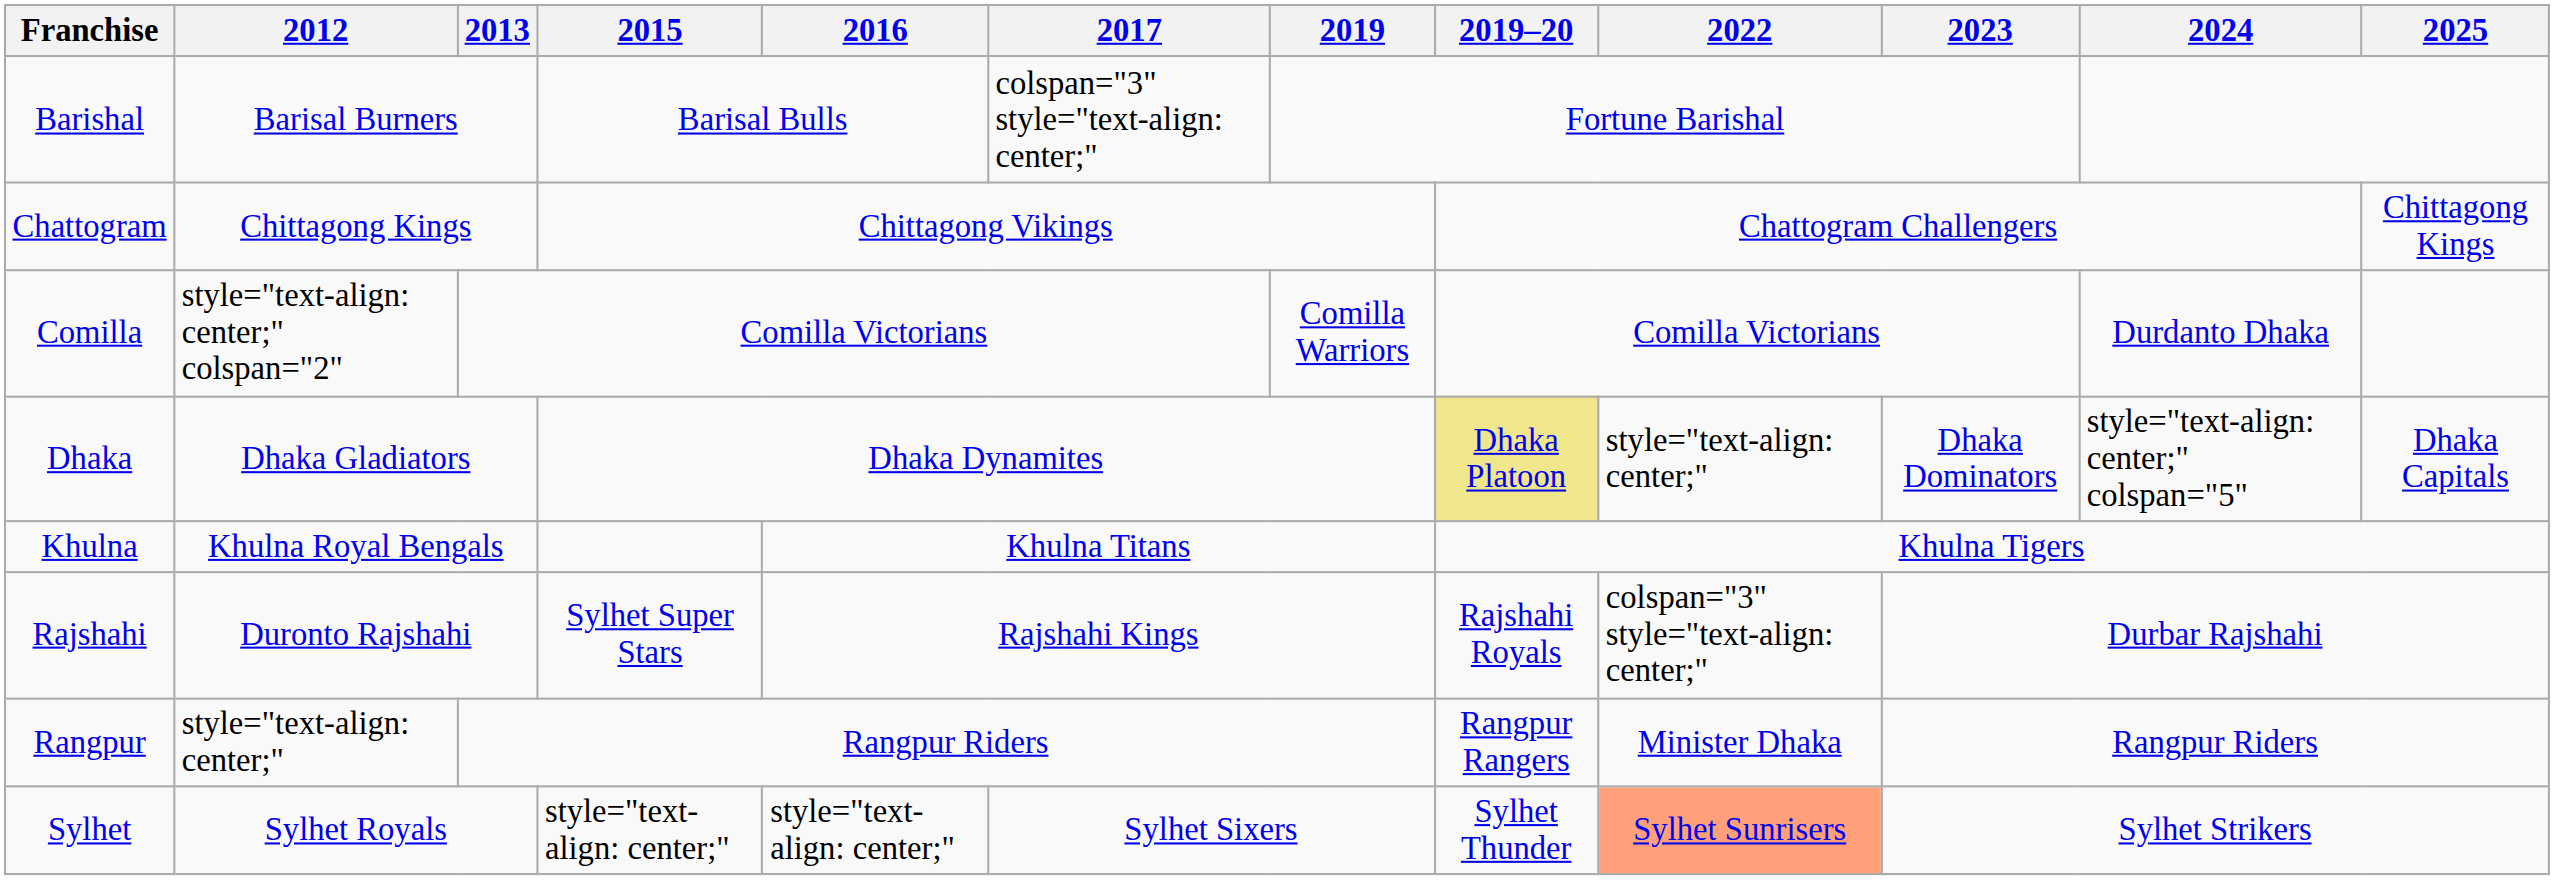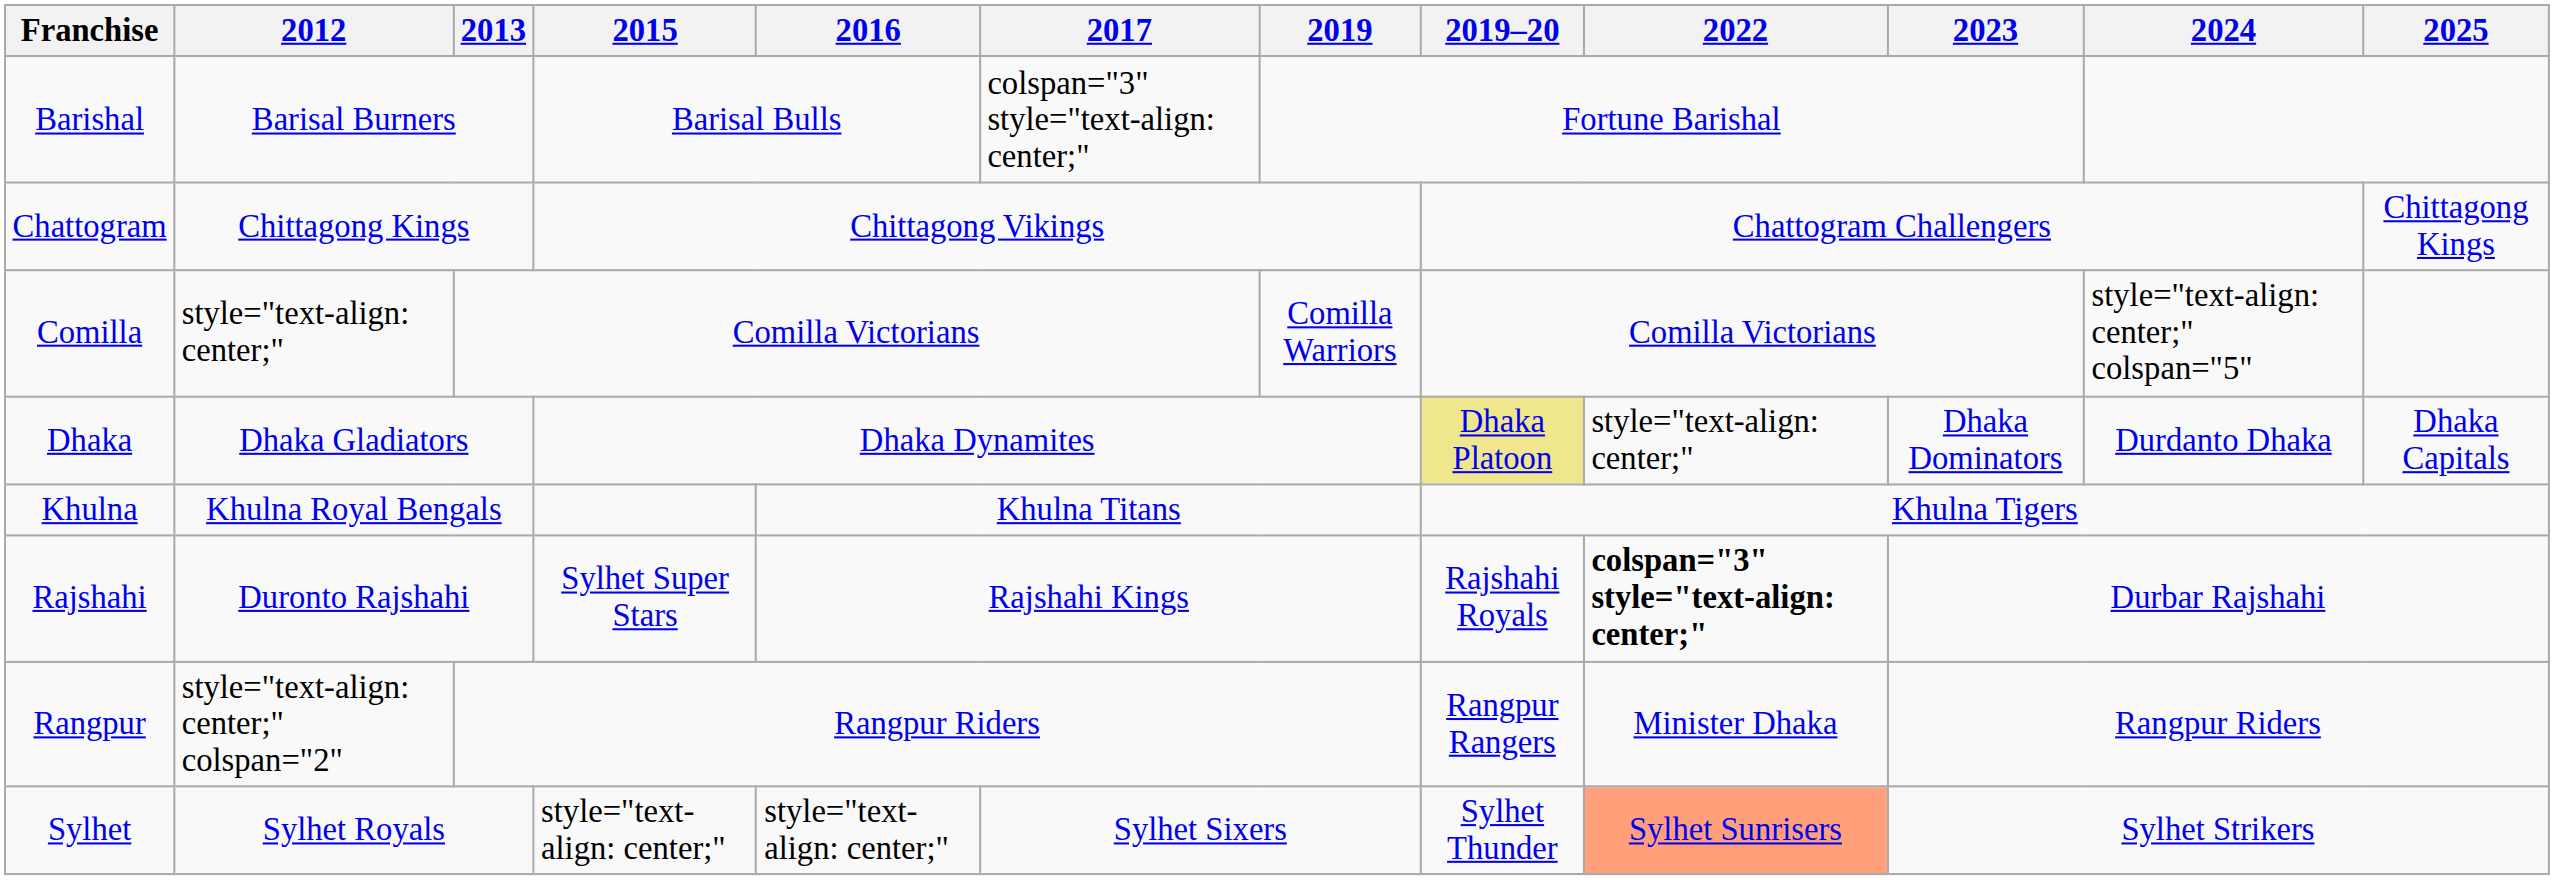 <table class="wikitable">
 <tr>
 <th>Franchise</th>
 <th><a href='#'>2012</a></th>
 <th><a href='#'>2013</a></th>
 <th><a href='#'>2015</a></th>
 <th><a href='#'>2016</a></th>
 <th><a href='#'>2017</a></th>
 <th><a href='#'>2019</a></th>
 <th><a href='#'>2019–20</a></th>
 <th><a href='#'>2022</a></th>
 <th><a href='#'>2023</a></th>
 <th><a href='#'>2024</a></th>
 <th><a href='#'>2025</a></th>
 </tr>
 <tr>
 <td style="text-align: center;"><a href='#'>Barishal</a></td>
 <td colspan="2" style="text-align: center;"><a href='#'>Barisal Burners</a></td>
 <td colspan="2" style="text-align: center;"><a href='#'>Barisal Bulls</a></td>
 <td>colspan="3" style="text-align: center;" </td>
 <td colspan="4" style="text-align: center;"><a href='#'>Fortune Barishal</a></td>
 </tr>
 <tr>
 <td style="text-align: center;"><a href='#'>Chattogram</a></td>
 <td colspan="2" style="text-align: center;"><a href='#'>Chittagong Kings</a></td>
 <td colspan="4" style="text-align: center;"><a href='#'>Chittagong Vikings</a></td>
 <td colspan="4" style="text-align: center;"><a href='#'>Chattogram Challengers</a></td>
 <td colspan="5" style="text-align: center;"><a href='#'>Chittagong Kings</a></td>
 </tr>
 <tr>
 <td style="text-align: center;"><a href='#'>Comilla</a></td>
-<td>style="text-align: center;" colspan="2" </td>
+<td>style="text-align: center;" </td>
 <td colspan="4" style="text-align: center;"><a href='#'>Comilla Victorians</a></td>
 <td style="text-align: center;"><a href='#'>Comilla Warriors</a></td>
 <td colspan="3" style="text-align: center;"><a href='#'>Comilla Victorians</a></td>
-<td style="text-align: center;"><a href='#'>Durdanto Dhaka</a></td>
+<td>style="text-align: center;" colspan="5" </td>
 </tr>
 <tr>
 <td style="text-align: center;"><a href='#'>Dhaka</a></td>
 <td colspan="2" style="text-align: center;"><a href='#'>Dhaka Gladiators</a></td>
 <td colspan="4" style="text-align: center;"><a href='#'>Dhaka Dynamites</a></td>
 <td style="background: khaki; text-align: center;"><a href='#'>Dhaka Platoon</a></td>
 <td>style="text-align: center;" </td>
 <td style="text-align: center;"><a href='#'>Dhaka Dominators</a></td>
-<td>style="text-align: center;" colspan="5" </td>
+<td style="text-align: center;"><a href='#'>Durdanto Dhaka</a></td>
 <td style="text-align: center;"><a href='#'>Dhaka Capitals</a></td>
 </tr>
 <tr>
 <td style="text-align: center;"><a href='#'>Khulna</a></td>
 <td colspan="2" style="text-align: center;"><a href='#'>Khulna Royal Bengals</a></td>
 <td></td>
 <td colspan="3" style="text-align: center;"><a href='#'>Khulna Titans</a></td>
 <td colspan="5" style="text-align: center;"><a href='#'>Khulna Tigers</a></td>
 </tr>
 <tr>
 <td style="text-align: center;"><a href='#'>Rajshahi</a></td>
 <td colspan="2" style="text-align: center;"><a href='#'>Duronto Rajshahi</a></td>
 <td style="text-align: center;"><a href='#'>Sylhet Super Stars</a></td>
 <td colspan="3" style="text-align: center;"><a href='#'>Rajshahi Kings</a></td>
 <td style="text-align: center;"><a href='#'>Rajshahi Royals</a></td>
-<td>colspan="3" style="text-align: center;" </td>
+<td><strong>colspan="3" style="text-align: center;" </strong></td>
 <td colspan="5" style="text-align: center;"><a href='#'>Durbar Rajshahi</a></td>
 </tr>
 <tr>
 <td style="text-align: center;"><a href='#'>Rangpur</a></td>
-<td>style="text-align: center;" </td>
+<td>style="text-align: center;" colspan="2" </td>
 <td colspan="5" style="text-align: center;"><a href='#'>Rangpur Riders</a></td>
 <td style="text-align: center;"><a href='#'>Rangpur Rangers</a></td>
 <td style="text-align: center;"><a href='#'>Minister Dhaka</a></td>
 <td colspan="3" style="text-align: center;"><a href='#'>Rangpur Riders</a></td>
 </tr>
 <tr>
 <td style="text-align: center;"><a href='#'>Sylhet</a></td>
 <td colspan="2" style="text-align: center;"><a href='#'>Sylhet Royals</a></td>
 <td>style="text-align: center;" </td>
 <td>style="text-align: center;" </td>
 <td colspan="2" style="text-align: center;"><a href='#'>Sylhet Sixers</a></td>
 <td style="text-align: center;"><a href='#'>Sylhet Thunder</a></td>
 <td style="background: lightsalmon; text-align: center;"><a href='#'>Sylhet Sunrisers</a></td>
 <td colspan="3" style="text-align: center;"><a href='#'>Sylhet Strikers</a></td>
 </tr>
 </table>
